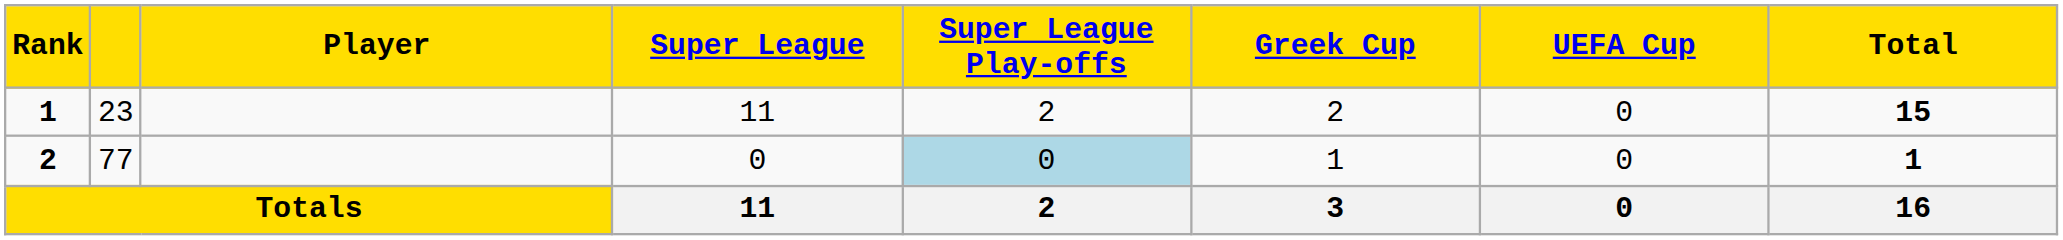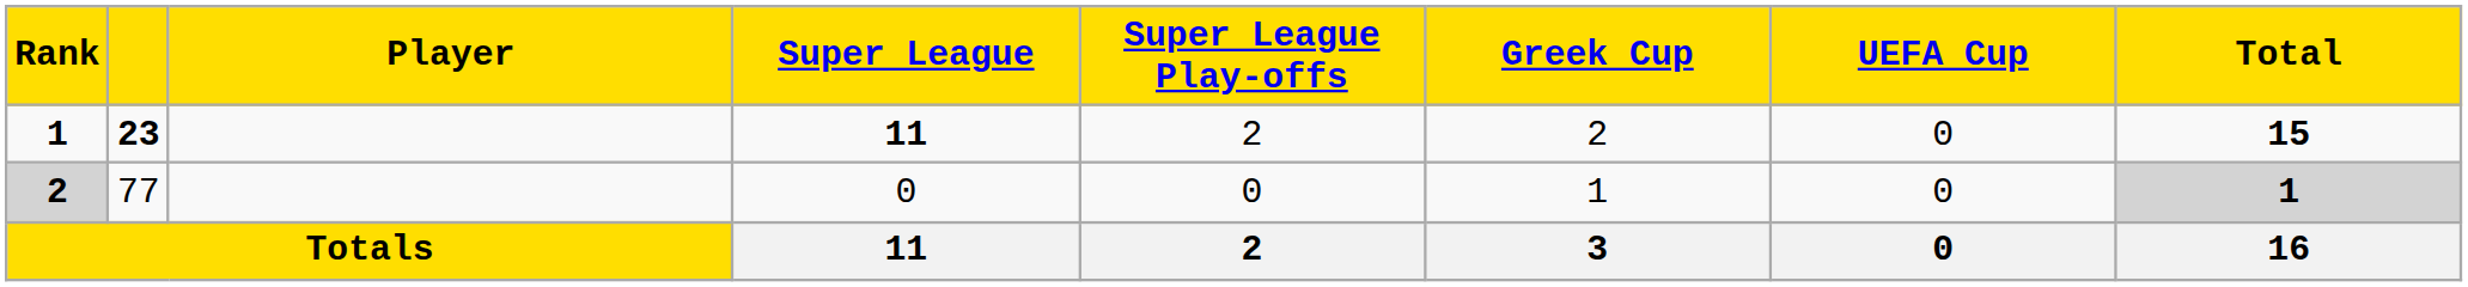 <table class="wikitable sortable" style="text-align:center">
 <tr>
 <th style="background:#FFDE00">Rank</th>
 <th style="background:#FFDE00"></th>
 <th width=200 style="background:#FFDE00">Player</th>
 <th width=120 style="background:#FFDE00"><a href='#'>Super League</a></th>
 <th width=120 style="background:#FFDE00"><a href='#'>Super League Play-offs</a></th>
 <th width=120 style="background:#FFDE00"><a href='#'>Greek Cup</a></th>
 <th width=120 style="background:#FFDE00"><a href='#'>UEFA Cup</a></th>
 <th width=120 style="background:#FFDE00">Total</th>
 </tr>
 <tr>
 <td><strong>1</strong></td>
-<td>23</td>
+<td><strong>23</strong></td>
 <td align=left></td>
-<td>11</td>
+<td><strong>11</strong></td>
 <td>2</td>
 <td>2</td>
 <td>0</td>
 <td><strong>15</strong></td>
 </tr>
 <tr>
-<td><strong>2</strong></td>
+<td style="background: lightgrey;"><strong>2</strong></td>
 <td>77</td>
 <td align=left></td>
 <td>0</td>
-<td style="background: lightblue;">0</td>
+<td>0</td>
 <td>1</td>
 <td>0</td>
-<td><strong>1</strong></td>
+<td style="background: lightgrey;"><strong>1</strong></td>
 </tr>
 <tr class="sortbottom">
 <th colspan=3 style="background:#FFDE00"><strong>Totals</strong></th>
 <th><strong>11</strong></th>
 <th><strong> 2</strong></th>
 <th><strong> 3</strong></th>
 <th><strong> 0</strong></th>
 <th><strong>16</strong></th>
 </tr>
 </table>
